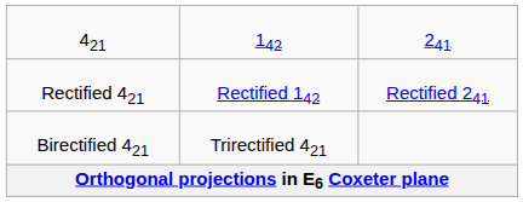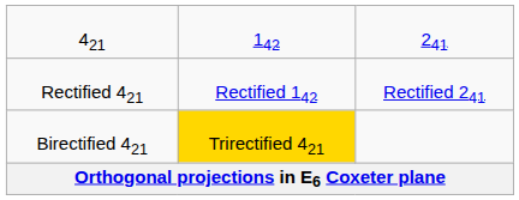 <table class=wikitable width=450 align=right style="margin-left:1em;">
 <tr align=center valign=top>
 <td><br>4<sub>21</sub><br></td>
 <td><br><a href='#'>1<sub>42</sub></a><br></td>
 <td><br><a href='#'>2<sub>41</sub></a><br></td>
 </tr>
 <tr align=center valign=top>
 <td><br>Rectified 4<sub>21</sub><br></td>
 <td><br><a href='#'>Rectified 1<sub>42</sub></a><br></td>
 <td><br><a href='#'>Rectified 2<sub>41</sub></a><br></td>
 </tr>
 <tr align=center valign=top>
 <td><br>Birectified 4<sub>21</sub><br></td>
-<td><br>Trirectified 4<sub>21</sub><br></td>
+<td style="background: gold;"><br>Trirectified 4<sub>21</sub><br></td>
 </tr>
 <tr valign=top>
 <th colspan=3><a href='#'>Orthogonal projections</a> in E<sub>6</sub> <a href='#'>Coxeter plane</a></th>
 </tr>
 </table>
